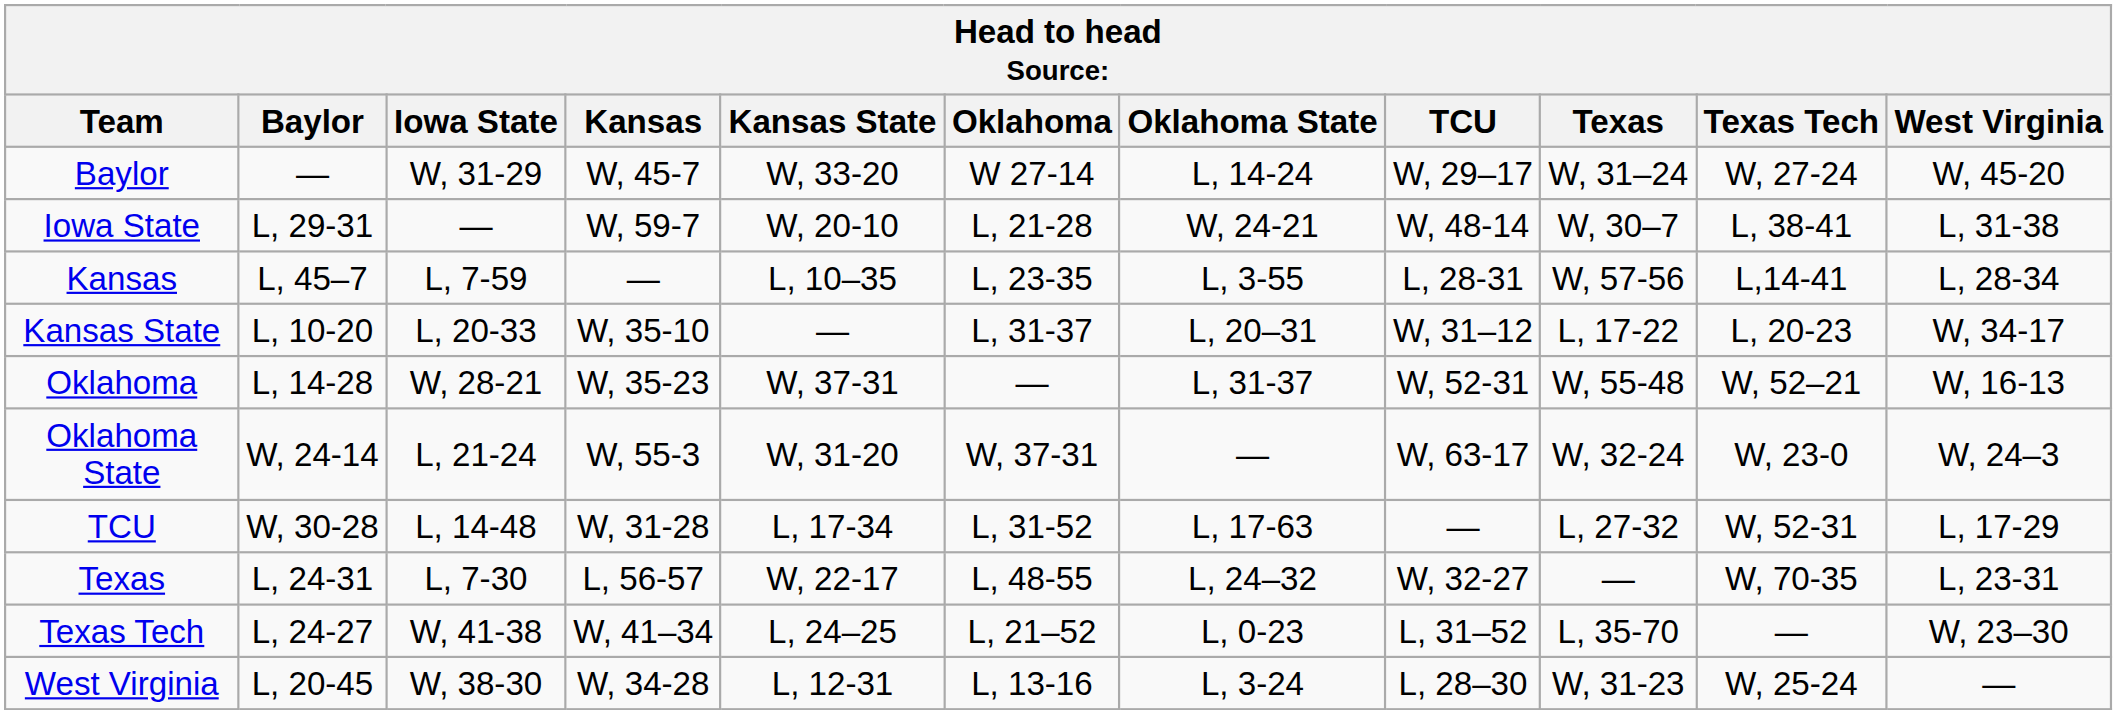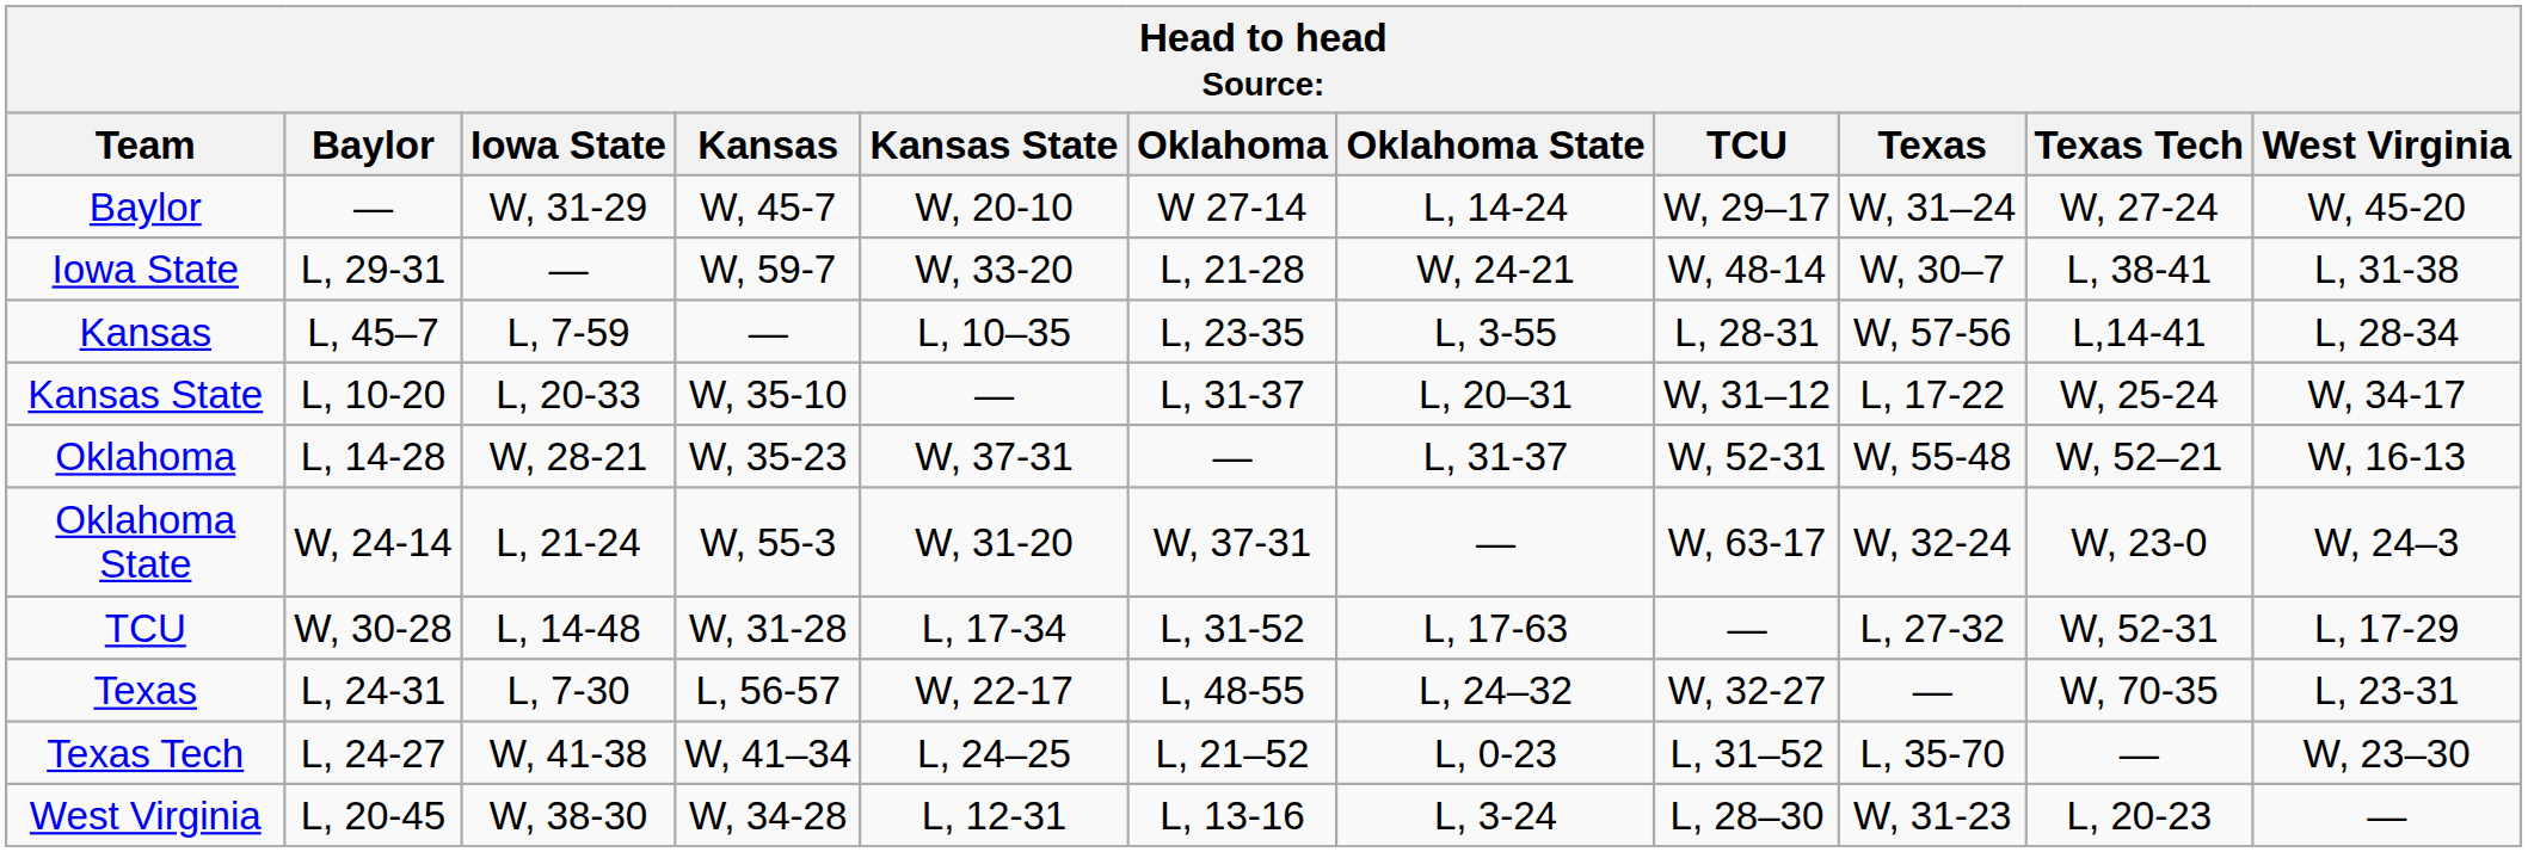 <table class="wikitable" style="font-size:95%; text-align:center;">
 <tr>
 <th colspan=17>Head to head<br><small>Source: </small></th>
 </tr>
 <tr>
 <th style="width:100px;">Team</th>
 <th>Baylor</th>
 <th>Iowa State</th>
 <th>Kansas</th>
 <th>Kansas State</th>
 <th>Oklahoma</th>
 <th>Oklahoma State</th>
 <th>TCU</th>
 <th>Texas</th>
 <th>Texas Tech</th>
 <th>West Virginia</th>
 </tr>
 <tr>
 <td><a href='#'>Baylor</a></td>
 <td>—</td>
 <td>W, 31-29</td>
 <td>W, 45-7</td>
-<td>W, 33-20</td>
+<td>W, 20-10</td>
 <td>W 27-14</td>
 <td>L, 14-24</td>
 <td>W, 29–17</td>
 <td>W, 31–24</td>
 <td>W, 27-24</td>
 <td>W, 45-20</td>
 </tr>
 <tr>
 <td><a href='#'>Iowa State</a></td>
 <td>L, 29-31</td>
 <td>—</td>
 <td>W, 59-7</td>
-<td>W, 20-10</td>
+<td>W, 33-20</td>
 <td>L, 21-28</td>
 <td>W, 24-21</td>
 <td>W, 48-14</td>
 <td>W, 30–7</td>
 <td>L, 38-41</td>
 <td>L, 31-38</td>
 </tr>
 <tr>
 <td><a href='#'>Kansas</a></td>
 <td>L, 45–7</td>
 <td>L, 7-59</td>
 <td>—</td>
 <td>L, 10–35</td>
 <td>L, 23-35</td>
 <td>L, 3-55</td>
 <td>L, 28-31</td>
 <td>W, 57-56</td>
 <td>L,14-41</td>
 <td>L, 28-34</td>
 </tr>
 <tr>
 <td><a href='#'>Kansas State</a></td>
 <td>L, 10-20</td>
 <td>L, 20-33</td>
 <td>W, 35-10</td>
 <td>—</td>
 <td>L, 31-37</td>
 <td>L, 20–31</td>
 <td>W, 31–12</td>
 <td>L, 17-22</td>
-<td>L, 20-23</td>
+<td>W, 25-24</td>
 <td>W, 34-17</td>
 </tr>
 <tr>
 <td><a href='#'>Oklahoma</a></td>
 <td>L, 14-28</td>
 <td>W, 28-21</td>
 <td>W, 35-23</td>
 <td>W, 37-31</td>
 <td>—</td>
 <td>L, 31-37</td>
 <td>W, 52-31</td>
 <td>W, 55-48</td>
 <td>W, 52–21</td>
 <td>W, 16-13</td>
 </tr>
 <tr>
 <td><a href='#'>Oklahoma State</a></td>
 <td>W, 24-14</td>
 <td>L, 21-24</td>
 <td>W, 55-3</td>
 <td>W, 31-20</td>
 <td>W, 37-31</td>
 <td>—</td>
 <td>W, 63-17</td>
 <td>W, 32-24</td>
 <td>W, 23-0</td>
 <td>W, 24–3</td>
 </tr>
 <tr>
 <td><a href='#'>TCU</a></td>
 <td>W, 30-28</td>
 <td>L, 14-48</td>
 <td>W, 31-28</td>
 <td>L, 17-34</td>
 <td>L, 31-52</td>
 <td>L, 17-63</td>
 <td>—</td>
 <td>L, 27-32</td>
 <td>W, 52-31</td>
 <td>L, 17-29</td>
 </tr>
 <tr>
 <td><a href='#'>Texas</a></td>
 <td>L, 24-31</td>
 <td>L, 7-30</td>
 <td>L, 56-57</td>
 <td>W, 22-17</td>
 <td>L, 48-55</td>
 <td>L, 24–32</td>
 <td>W, 32-27</td>
 <td>—</td>
 <td>W, 70-35</td>
 <td>L, 23-31</td>
 </tr>
 <tr>
 <td><a href='#'>Texas Tech</a></td>
 <td>L, 24-27</td>
 <td>W, 41-38</td>
 <td>W, 41–34</td>
 <td>L, 24–25</td>
 <td>L, 21–52</td>
 <td>L, 0-23</td>
 <td>L, 31–52</td>
 <td>L, 35-70</td>
 <td>—</td>
 <td>W, 23–30</td>
 </tr>
 <tr>
 <td><a href='#'>West Virginia</a></td>
 <td>L, 20-45</td>
 <td>W, 38-30</td>
 <td>W, 34-28</td>
 <td>L, 12-31</td>
 <td>L, 13-16</td>
 <td>L, 3-24</td>
 <td>L, 28–30</td>
 <td>W, 31-23</td>
-<td>W, 25-24</td>
+<td>L, 20-23</td>
 <td>—</td>
 </tr>
 </table>
